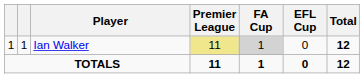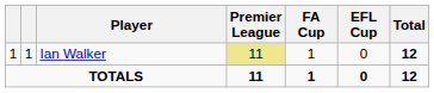 <table class="wikitable sortable" style="font-size: 95%; text-align: center;">
 <tr>
 <th width=10></th>
 <th width=10></th>
 <th width=200>Player</th>
 <th width=50>Premier League</th>
 <th width=50>FA Cup</th>
 <th width=50>EFL Cup</th>
 <th>Total</th>
 </tr>
 <tr>
 <td>1</td>
 <td>1</td>
 <td align="left"> <a href='#'>Ian Walker</a></td>
 <td style="background: khaki;">11</td>
-<td style="background: lightgrey;">1</td>
+<td>1</td>
 <td>0</td>
 <td><strong>12</strong></td>
 </tr>
 <tr>
 <td colspan="3"><strong>TOTALS</strong></td>
 <td><strong>11</strong></td>
 <td><strong>1</strong></td>
 <td><strong>0</strong></td>
 <td><strong>12</strong></td>
 </tr>
 </table>
